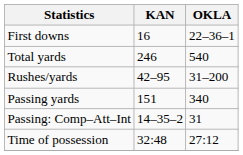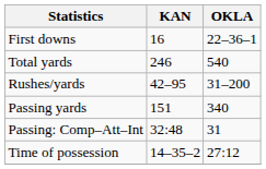 <table class="wikitable" style="float: left;">
 <tr>
 <th>Statistics</th>
 <th>KAN</th>
 <th>OKLA</th>
 </tr>
 <tr>
 <td>First downs</td>
 <td>16</td>
 <td>22–36–1</td>
 </tr>
 <tr>
 <td>Total yards</td>
 <td>246</td>
 <td>540</td>
 </tr>
 <tr>
 <td>Rushes/yards</td>
 <td>42–95</td>
 <td>31–200</td>
 </tr>
 <tr>
 <td>Passing yards</td>
 <td>151</td>
 <td>340</td>
 </tr>
 <tr>
 <td>Passing: Comp–Att–Int</td>
-<td>14–35–2</td>
+<td>32:48</td>
 <td>31</td>
 </tr>
 <tr>
 <td>Time of possession</td>
-<td>32:48</td>
+<td>14–35–2</td>
 <td>27:12</td>
 </tr>
 <tr>
 </tr>
 </table>
